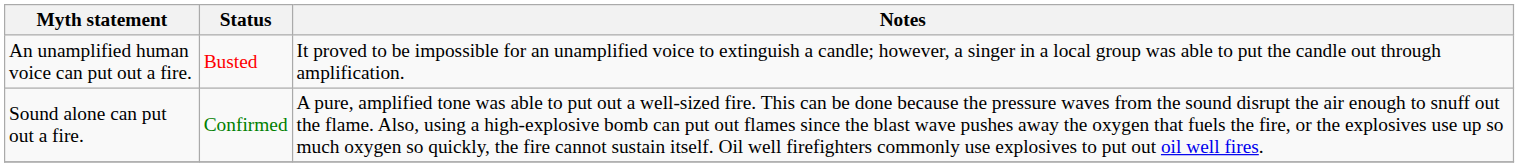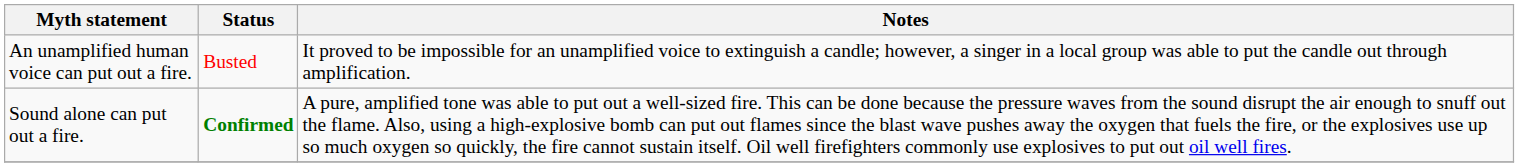 <table class="wikitable plainrowheaders">
 <tr>
 <th>Myth statement</th>
 <th>Status</th>
 <th>Notes</th>
 </tr>
 <tr>
 <td>An unamplified human voice can put out a fire.</td>
 <td style="color:red">Busted</td>
 <td>It proved to be impossible for an unamplified voice to extinguish a candle; however, a singer in a local group was able to put the candle out through amplification.</td>
 </tr>
 <tr>
 <td>Sound alone can put out a fire.</td>
-<td style="color:green">Confirmed</td>
+<td style="color:green"><strong>Confirmed</strong></td>
 <td>A pure, amplified tone was able to put out a well-sized fire. This can be done because the pressure waves from the sound disrupt the air enough to snuff out the flame. Also, using a high-explosive bomb can put out flames since the blast wave pushes away the oxygen that fuels the fire, or the explosives use up so much oxygen so quickly, the fire cannot sustain itself. Oil well firefighters commonly use explosives to put out <a href='#'>oil well fires</a>.</td>
 </tr>
 <tr>
 </tr>
 </table>
